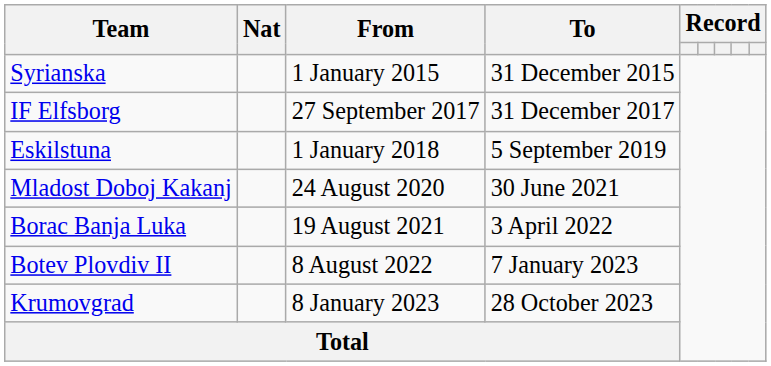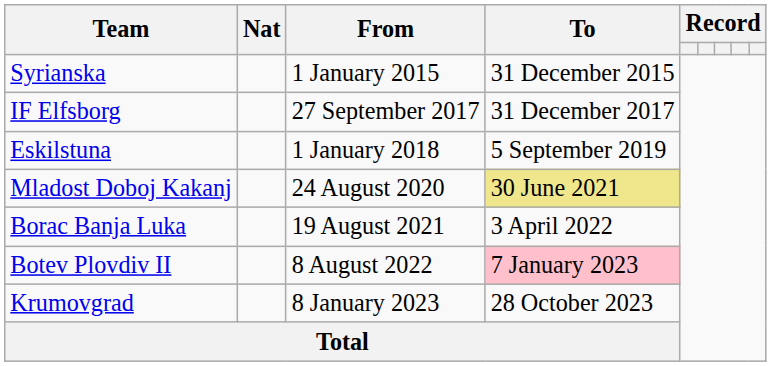 <table class="wikitable" style="text-align: center">
 <tr>
 <th rowspan=2>Team</th>
 <th rowspan=2>Nat</th>
 <th rowspan=2>From</th>
 <th rowspan=2>To</th>
 <th colspan=5>Record</th>
 </tr>
 <tr>
 <th></th>
 <th></th>
 <th></th>
 <th></th>
 <th></th>
 </tr>
 <tr>
 <td align=left><a href='#'>Syrianska</a></td>
 <td></td>
 <td align=left>1 January 2015</td>
 <td align=left>31 December 2015<br></td>
 </tr>
 <tr>
 <td align=left><a href='#'>IF Elfsborg</a></td>
 <td></td>
 <td align=left>27 September 2017</td>
 <td align=left>31 December 2017<br></td>
 </tr>
 <tr>
 <td align=left><a href='#'>Eskilstuna</a></td>
 <td></td>
 <td align=left>1 January 2018</td>
 <td align=left>5 September 2019<br></td>
 </tr>
 <tr>
 <td align=left><a href='#'>Mladost Doboj Kakanj</a></td>
 <td></td>
 <td align=left>24 August 2020</td>
-<td align=left>30 June 2021<br></td>
+<td align=left style="background: khaki;">30 June 2021<br></td>
 </tr>
 <tr>
 <td align=left><a href='#'>Borac Banja Luka</a></td>
 <td></td>
 <td align=left>19 August 2021</td>
 <td align=left>3 April 2022<br></td>
 </tr>
 <tr>
 <td align=left><a href='#'>Botev Plovdiv II</a></td>
 <td></td>
 <td align=left>8 August 2022</td>
-<td align=left>7 January 2023<br></td>
+<td align=left style="background: pink;">7 January 2023<br></td>
 </tr>
 <tr>
 <td align=left><a href='#'>Krumovgrad</a></td>
 <td></td>
 <td align=left>8 January 2023</td>
 <td align=left>28 October 2023<br></td>
 </tr>
 <tr>
 <th colspan=4>Total<br></th>
 </tr>
 </table>
